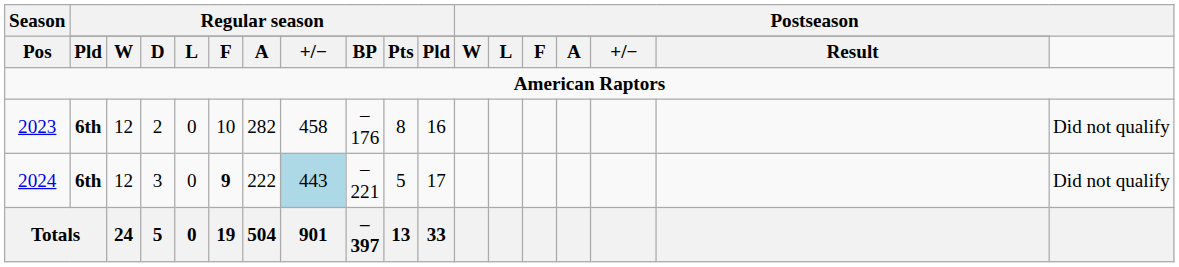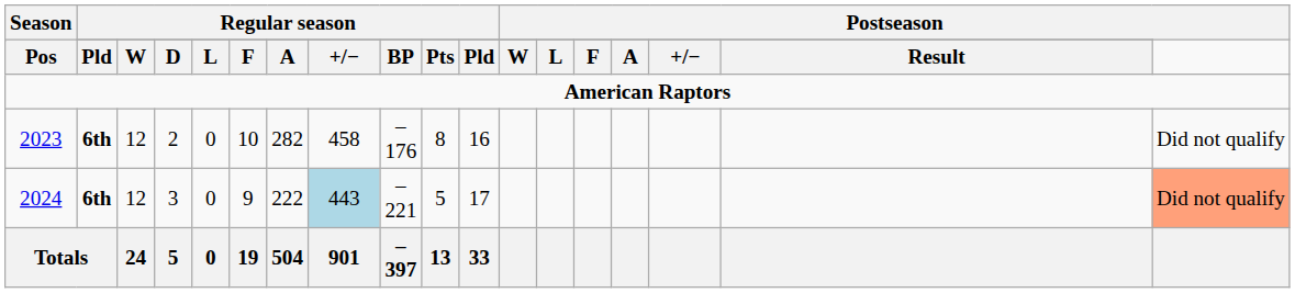 <table class="wikitable" style="text-align:center; font-size: 95%">
 <tr>
 <th rowspan="2">Season</th>
 <th colspan="10">Regular season</th>
 <th colspan="8">Postseason</th>
 </tr>
 <tr {| class="wikitable" style="text-align:center;">
 </tr>
 <tr border=1 cellpadding=5 cellspacing=0>
 <th style="width:20px;">Pos</th>
 <th style="width:20px;">Pld</th>
 <th style="width:20px;">W</th>
 <th style="width:20px;">D</th>
 <th style="width:20px;">L</th>
 <th style="width:20px;">F</th>
 <th style="width:20px;">A</th>
 <th style="width:45px;">+/−</th>
 <th style="width:20px;">BP</th>
 <th style="width:20px;">Pts</th>
 <th style="width:20px;">Pld</th>
 <th style="width:20px;">W</th>
 <th style="width:20px;">L</th>
 <th style="width:20px;">F</th>
 <th style="width:20px;">A</th>
 <th style="width:45px;">+/−</th>
 <th style="width:20em; text-align:centre;">Result</th>
 </tr>
 <tr>
 <td colspan="19" style="text-align:center;"><strong>American Raptors</strong></td>
 </tr>
 <tr>
 <td><a href='#'>2023</a></td>
 <td><strong>6th</strong></td>
 <td>12</td>
 <td>2</td>
 <td>0</td>
 <td>10</td>
 <td>282</td>
 <td>458</td>
 <td>–176</td>
 <td>8</td>
 <td>16</td>
 <td></td>
 <td></td>
 <td></td>
 <td></td>
 <td></td>
 <td></td>
 <td>Did not qualify</td>
 </tr>
 <tr>
 <td><a href='#'>2024</a></td>
 <td><strong>6th</strong></td>
 <td>12</td>
 <td>3</td>
 <td>0</td>
-<td><strong>9</strong></td>
+<td>9</td>
 <td>222</td>
 <td style="background: lightblue;">443</td>
 <td>–221</td>
 <td>5</td>
 <td>17</td>
 <td></td>
 <td></td>
 <td></td>
 <td></td>
 <td></td>
 <td></td>
-<td>Did not qualify</td>
+<td style="background: lightsalmon;">Did not qualify</td>
 </tr>
 <tr>
 <th colspan="2">Totals</th>
 <th>24</th>
 <th>5</th>
 <th>0</th>
 <th>19</th>
 <th>504</th>
 <th>901</th>
 <th>–397</th>
 <th>13</th>
 <th>33</th>
 <th></th>
 <th></th>
 <th></th>
 <th></th>
 <th></th>
 <th></th>
 <th></th>
 </tr>
 </table>
